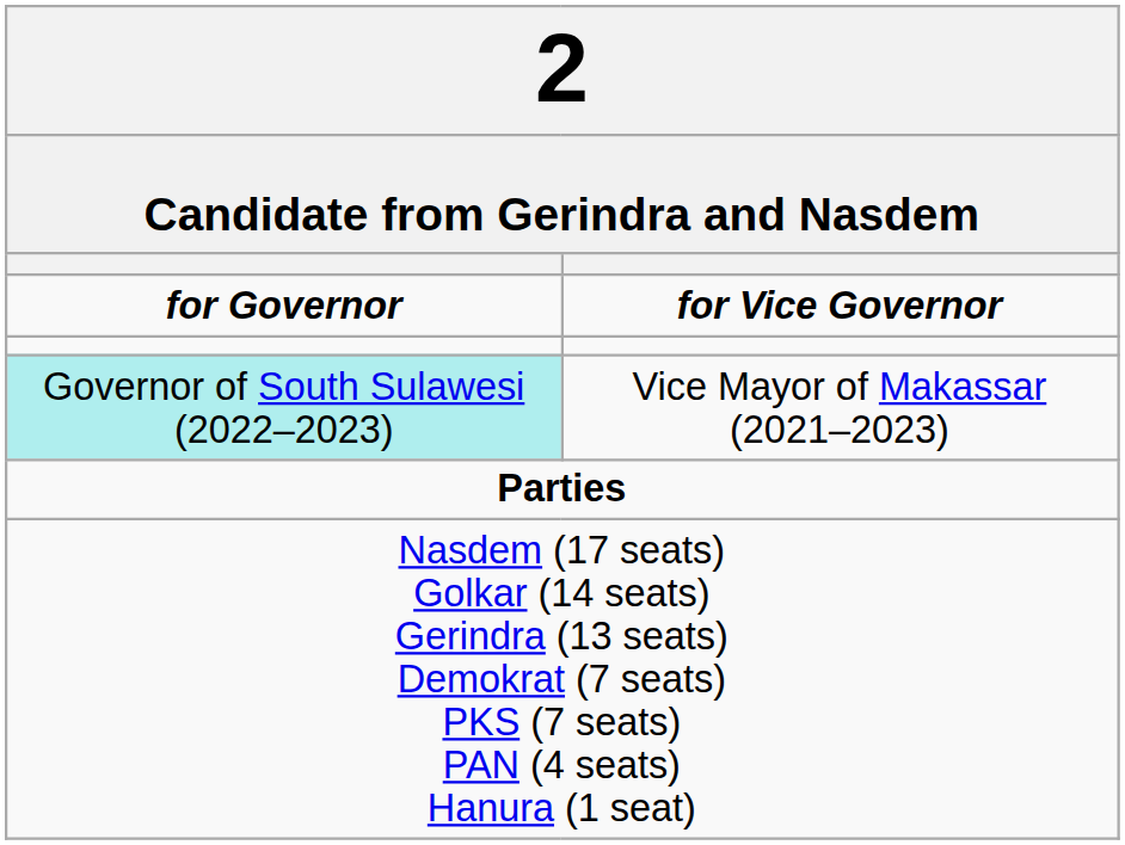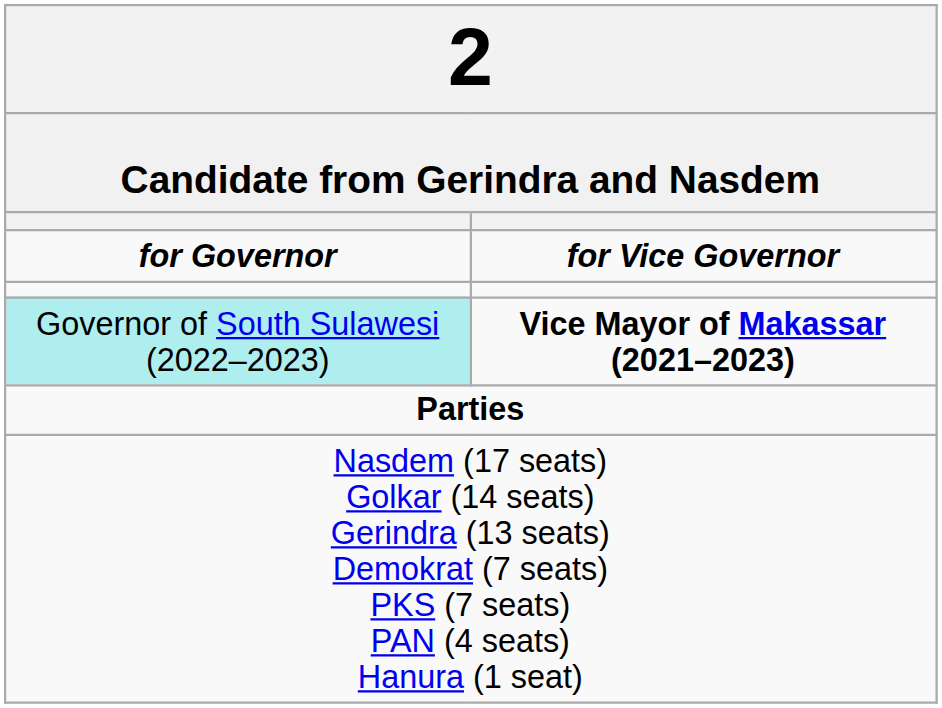 <table class="wikitable" style="font-size:90%; text-align:center;">
 <tr>
 <th colspan=2><big><big><big><big><big><strong>2</strong></big></big></big></big></big></th>
 </tr>
 <tr>
 <td colspan=2 style="background:#f1f1f1;"><br><strong><big>Candidate from Gerindra and Nasdem</big></strong></td>
 </tr>
 <tr>
 <th style="width:3em; font-size:135%; background:#"><a href='#'></a></th>
 <th style="width:3em; font-size:135%; background:#"></th>
 </tr>
 <tr style="color:#000; font-size:100%; background:#">
 <td style="width:3em; width:200px;"><strong><em>for Governor</em></strong></td>
 <td style="width:3em; width:200px;"><strong><em>for Vice Governor</em></strong></td>
 </tr>
 <tr>
 <td></td>
 <td></td>
 </tr>
 <tr>
 <td style="background: paleturquoise;">Governor of <a href='#'>South Sulawesi</a> (2022–2023)</td>
-<td>Vice Mayor of <a href='#'>Makassar</a> (2021–2023)</td>
+<td><strong>Vice Mayor of <a href='#'>Makassar</a> (2021–2023)</strong></td>
 </tr>
 <tr>
 <td colspan=2 style="background:#"><strong>Parties</strong></td>
 </tr>
 <tr>
 <td colspan=2> <a href='#'>Nasdem</a> (17 seats)<br> <a href='#'>Golkar</a> (14 seats)<br> <a href='#'>Gerindra</a> (13 seats)<br> <a href='#'>Demokrat</a> (7 seats)<br> <a href='#'>PKS</a> (7 seats)<br> <a href='#'>PAN</a> (4 seats)<br> <a href='#'>Hanura</a> (1 seat)</td>
 </tr>
 </table>
